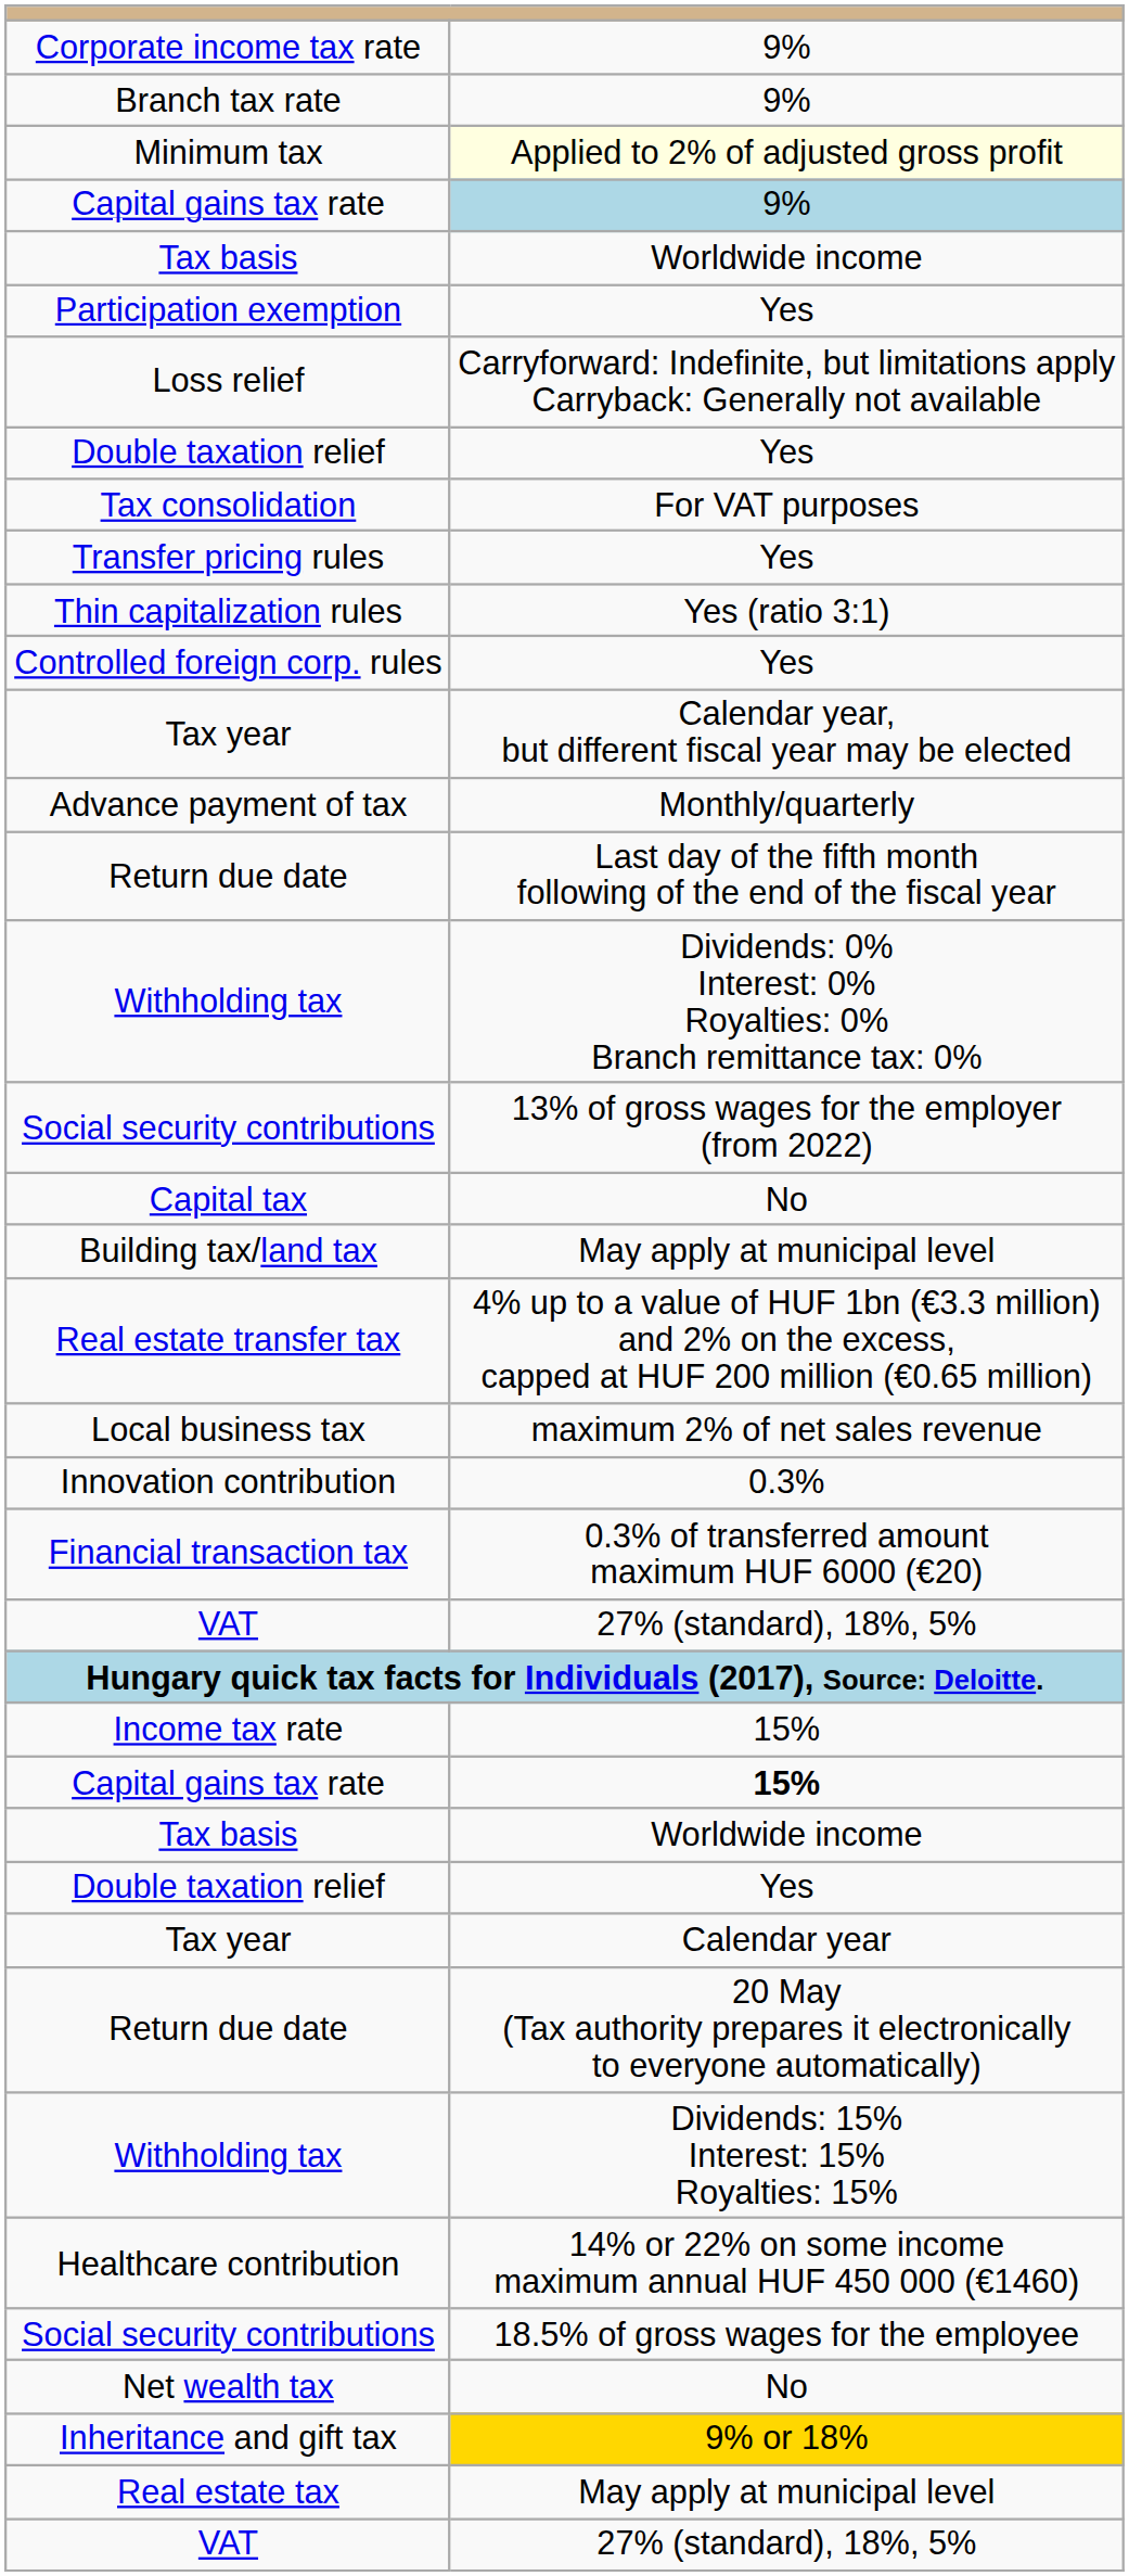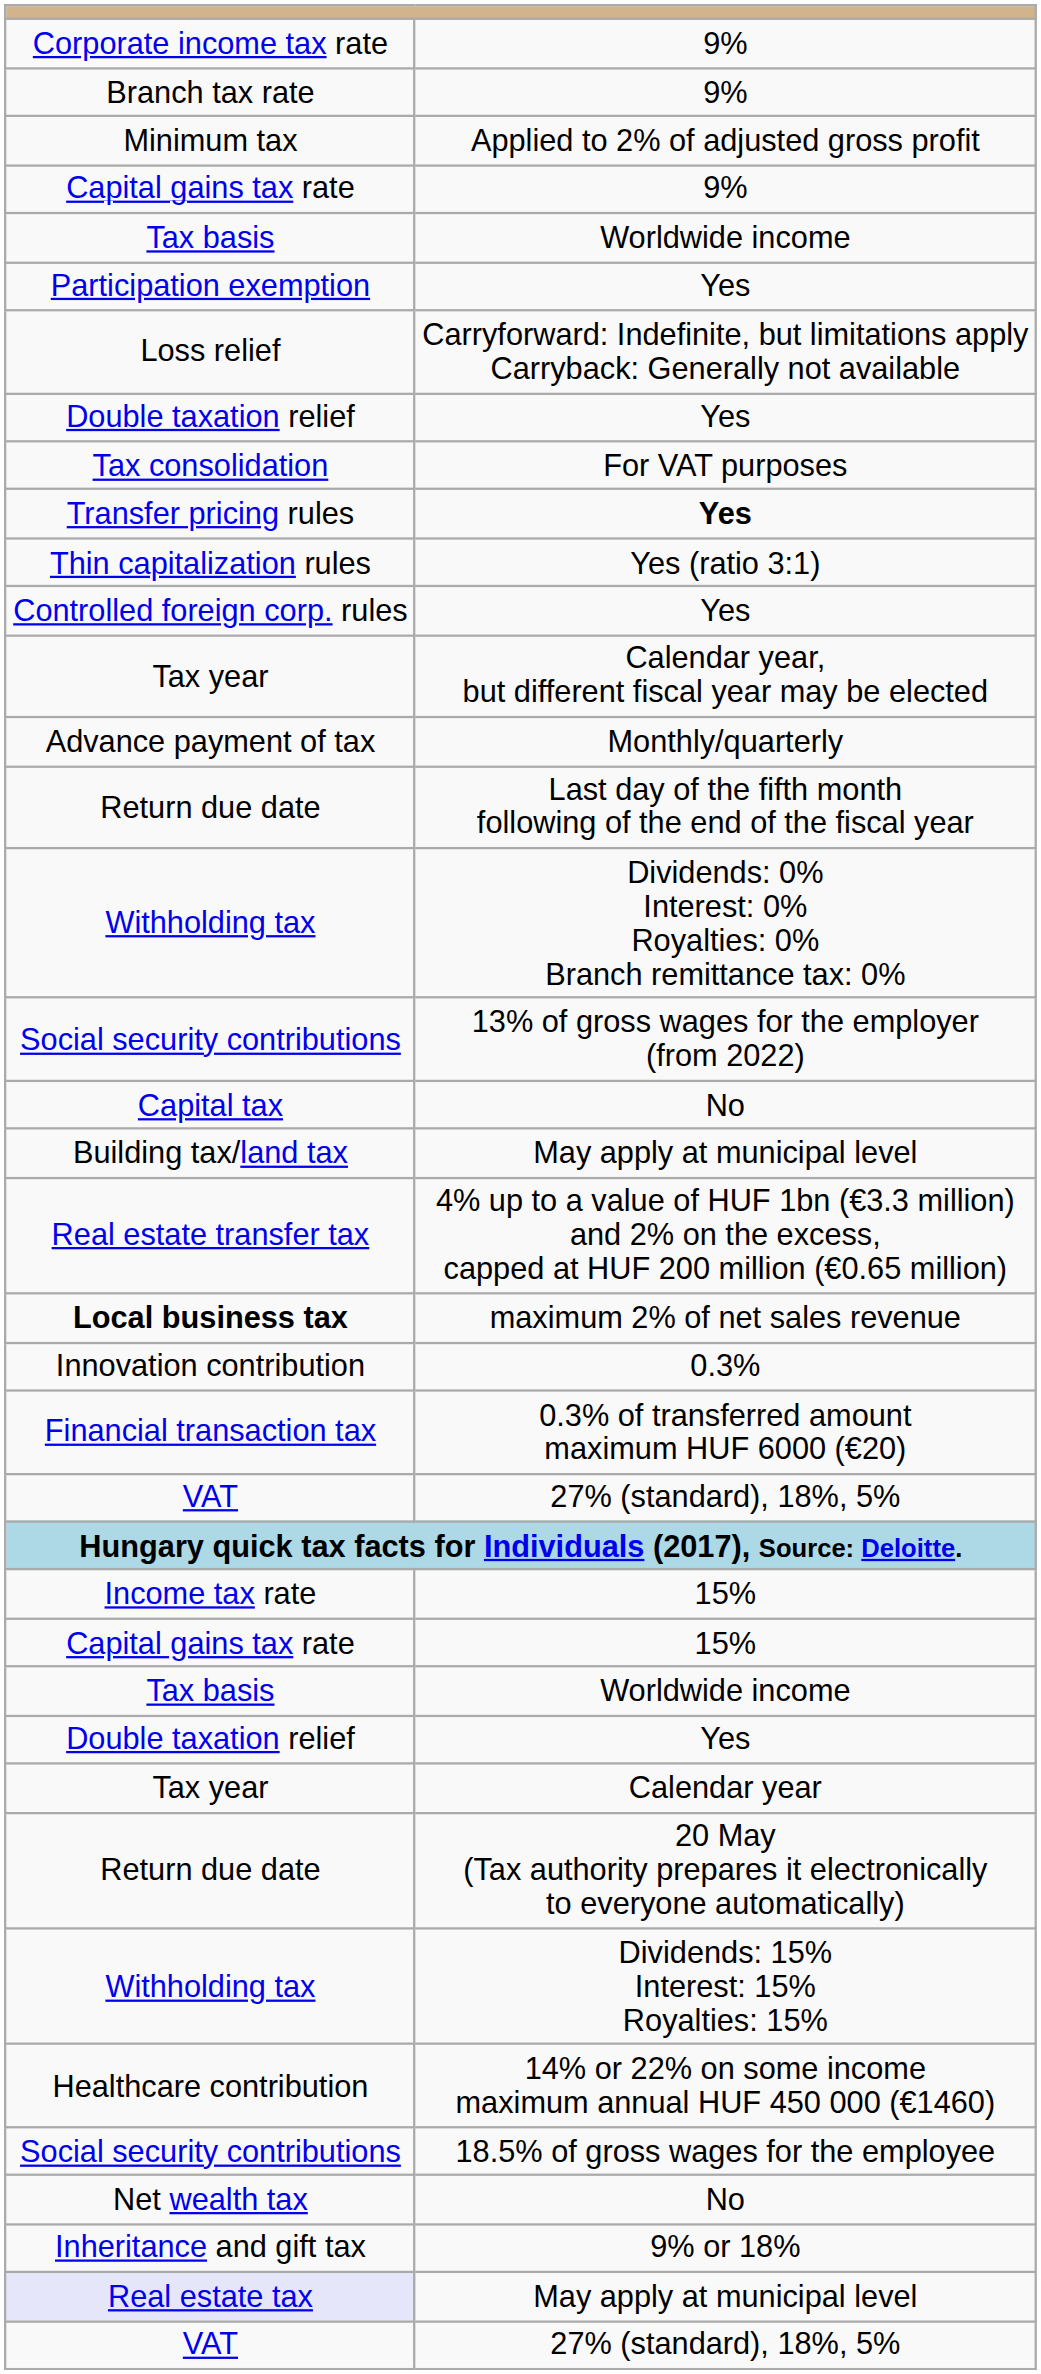 <table class="wikitable" style="float:right; margin:0 0 0.5em 1em; text-align:center; font-size:85%;">
 <tr>
 <td colspan="4" style="background:tan;"></td>
 </tr>
 <tr>
 <td><a href='#'>Corporate income tax</a> rate</td>
 <td>9%</td>
 </tr>
 <tr>
 <td>Branch tax rate</td>
 <td>9%</td>
 </tr>
 <tr>
 <td>Minimum tax</td>
-<td style="background: lightyellow;">Applied to 2% of adjusted gross profit</td>
+<td>Applied to 2% of adjusted gross profit</td>
 </tr>
 <tr>
 <td><a href='#'>Capital gains tax</a> rate</td>
-<td style="background: lightblue;">9%</td>
+<td>9%</td>
 </tr>
 <tr>
 <td><a href='#'>Tax basis</a></td>
 <td>Worldwide income</td>
 </tr>
 <tr>
 <td><a href='#'>Participation exemption</a></td>
 <td>Yes</td>
 </tr>
 <tr>
 <td>Loss relief</td>
 <td>Carryforward: Indefinite, but limitations apply<br>Carryback: Generally not available</td>
 </tr>
 <tr>
 <td><a href='#'>Double taxation</a> relief</td>
 <td>Yes</td>
 </tr>
 <tr>
 <td><a href='#'>Tax consolidation</a></td>
 <td>For VAT purposes</td>
 </tr>
 <tr>
 <td><a href='#'>Transfer pricing</a> rules</td>
-<td>Yes</td>
+<td><strong>Yes</strong></td>
 </tr>
 <tr>
 <td><a href='#'>Thin capitalization</a> rules</td>
 <td>Yes (ratio 3:1)</td>
 </tr>
 <tr>
 <td><a href='#'>Controlled foreign corp.</a> rules</td>
 <td>Yes</td>
 </tr>
 <tr>
 <td>Tax year</td>
 <td>Calendar year,<br>but different fiscal year may be elected</td>
 </tr>
 <tr>
 <td>Advance payment of tax</td>
 <td>Monthly/quarterly</td>
 </tr>
 <tr>
 <td>Return due date</td>
 <td>Last day of the fifth month<br>following of the end of the fiscal year</td>
 </tr>
 <tr>
 <td><a href='#'>Withholding tax</a></td>
 <td>Dividends: 0%<br>Interest: 0%<br>Royalties: 0%<br>Branch remittance tax: 0%<br></td>
 </tr>
 <tr>
 <td><a href='#'>Social security contributions</a></td>
 <td>13% of gross wages for the employer<br>(from 2022)</td>
 </tr>
 <tr>
 <td><a href='#'>Capital tax</a></td>
 <td>No</td>
 </tr>
 <tr>
 <td>Building tax/<a href='#'>land tax</a></td>
 <td>May apply at municipal level</td>
 </tr>
 <tr>
 <td><a href='#'>Real estate transfer tax</a></td>
 <td>4% up to a value of HUF 1bn (€3.3 million)<br> and 2% on the excess,<br> capped at HUF 200 million (€0.65 million)</td>
 </tr>
 <tr>
-<td>Local business tax</td>
+<td><strong>Local business tax</strong></td>
 <td>maximum 2% of net sales revenue</td>
 </tr>
 <tr>
 <td>Innovation contribution</td>
 <td>0.3%</td>
 </tr>
 <tr>
 <td><a href='#'>Financial transaction tax</a></td>
 <td>0.3% of transferred amount<br>maximum HUF 6000 (€20)</td>
 </tr>
 <tr>
 <td><a href='#'>VAT</a></td>
 <td>27% (standard), 18%, 5%</td>
 </tr>
 <tr>
 <td colspan="4" style="background:lightblue;"><strong>Hungary quick tax facts for <a href='#'>Individuals</a> (2017), <small>Source: <a href='#'>Deloitte</a>.</small></strong></td>
 </tr>
 <tr>
 <td><a href='#'>Income tax</a> rate</td>
 <td>15%</td>
 </tr>
 <tr>
 <td><a href='#'>Capital gains tax</a> rate</td>
-<td><strong>15%</strong></td>
+<td>15%</td>
 </tr>
 <tr>
 <td><a href='#'>Tax basis</a></td>
 <td>Worldwide income</td>
 </tr>
 <tr>
 <td><a href='#'>Double taxation</a> relief</td>
 <td>Yes</td>
 </tr>
 <tr>
 <td>Tax year</td>
 <td>Calendar year</td>
 </tr>
 <tr>
 <td>Return due date</td>
 <td>20 May<br>(Tax authority prepares it electronically<br>to everyone automatically)</td>
 </tr>
 <tr>
 <td><a href='#'>Withholding tax</a></td>
 <td>Dividends: 15%<br>Interest: 15%<br>Royalties: 15%<br></td>
 </tr>
 <tr>
 <td>Healthcare contribution</td>
 <td>14% or 22% on some income<br>maximum annual HUF 450 000 (€1460)</td>
 </tr>
 <tr>
 <td><a href='#'>Social security contributions</a></td>
 <td>18.5% of gross wages for the employee</td>
 </tr>
 <tr>
 <td>Net <a href='#'>wealth tax</a></td>
 <td>No</td>
 </tr>
 <tr>
 <td><a href='#'>Inheritance</a> and gift tax</td>
-<td style="background: gold;">9% or 18%</td>
+<td>9% or 18%</td>
 </tr>
 <tr>
-<td><a href='#'>Real estate tax</a></td>
+<td style="background: lavender;"><a href='#'>Real estate tax</a></td>
 <td>May apply at municipal level</td>
 </tr>
 <tr>
 <td><a href='#'>VAT</a></td>
 <td>27% (standard), 18%, 5%</td>
 </tr>
 </table>
